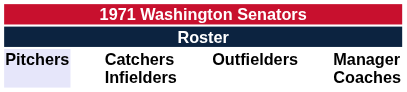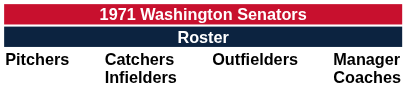 <table class="toccolours" style="font-size: 95%;">
 <tr>
 <th colspan="10" style="background-color: #C8102E; color: #FFFFFF; text-align: center;">1971 Washington Senators</th>
 </tr>
 <tr>
 <td colspan="10" style="background-color: #0C2340; color: #FFFFFF; text-align: center;"><strong>Roster</strong></td>
 </tr>
 <tr>
-<td valign="top" style="background: lavender;"><strong>Pitchers</strong><br>             </td>
+<td valign="top"><strong>Pitchers</strong><br>             </td>
 <td width="25px"></td>
 <td valign="top"><strong>Catchers</strong><br>     <strong>Infielders</strong>           </td>
 <td width="25px"></td>
 <td valign="top"><strong>Outfielders</strong><br>        </td>
 <td width="25px"></td>
 <td valign="top"><strong>Manager</strong><br> <strong>Coaches</strong>      </td>
 </tr>
 <tr>
 </tr>
 </table>
